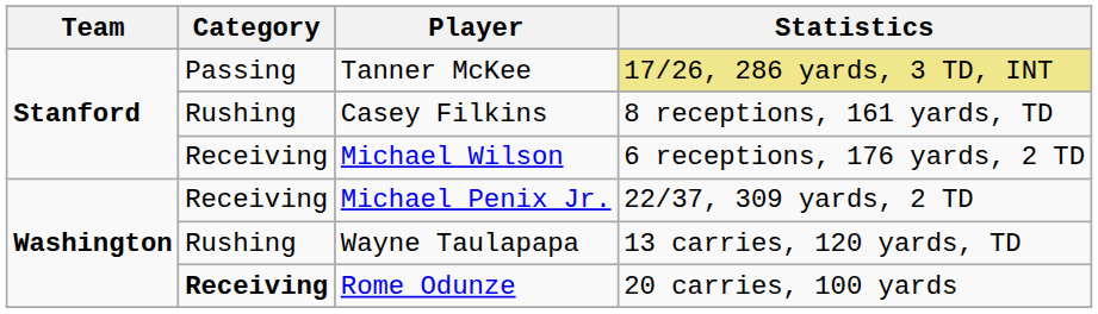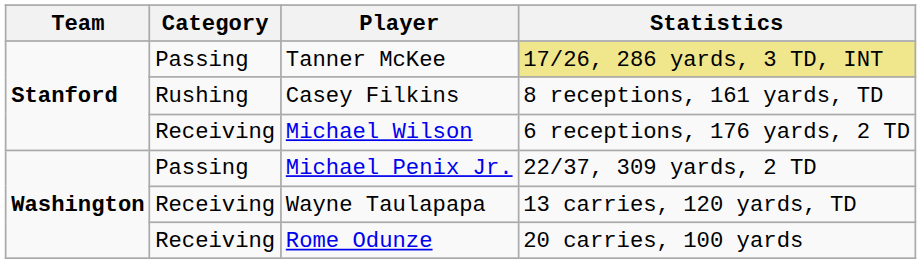 <table class="wikitable" style="float: right;">
 <tr>
 <th>Team</th>
 <th>Category</th>
 <th>Player</th>
 <th>Statistics</th>
 </tr>
 <tr>
 <td rowspan=3><strong>Stanford</strong></td>
 <td>Passing</td>
 <td>Tanner McKee</td>
 <td style="background: khaki;">17/26, 286 yards, 3 TD, INT</td>
 </tr>
 <tr>
 <td>Rushing</td>
 <td>Casey Filkins</td>
 <td>8 receptions, 161 yards, TD</td>
 </tr>
 <tr>
 <td>Receiving</td>
 <td><a href='#'>Michael Wilson</a></td>
 <td>6 receptions, 176 yards, 2 TD</td>
 </tr>
 <tr>
 <td rowspan=3><strong>Washington</strong></td>
-<td>Receiving</td>
+<td>Passing</td>
 <td><a href='#'>Michael Penix Jr.</a></td>
 <td>22/37, 309 yards, 2 TD</td>
 </tr>
 <tr>
-<td>Rushing</td>
+<td>Receiving</td>
 <td>Wayne Taulapapa</td>
 <td>13 carries, 120 yards, TD</td>
 </tr>
 <tr>
-<td><strong>Receiving</strong></td>
+<td>Receiving</td>
 <td><a href='#'>Rome Odunze</a></td>
 <td>20 carries, 100 yards</td>
 </tr>
 </table>
